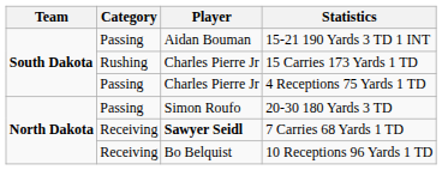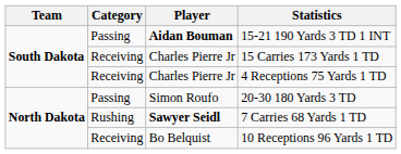 <table class="wikitable" style="float: right;">
 <tr>
 <th>Team</th>
 <th>Category</th>
 <th>Player</th>
 <th>Statistics</th>
 </tr>
 <tr>
 <td rowspan=3><strong>South Dakota</strong></td>
 <td>Passing</td>
-<td>Aidan Bouman</td>
+<td><strong>Aidan Bouman</strong></td>
 <td>15-21 190 Yards 3 TD 1 INT</td>
 </tr>
 <tr>
-<td>Rushing</td>
+<td>Receiving</td>
 <td>Charles Pierre Jr</td>
 <td>15  Carries 173 Yards 1 TD</td>
 </tr>
 <tr>
-<td>Passing</td>
+<td>Receiving</td>
 <td>Charles Pierre Jr</td>
 <td>4 Receptions 75 Yards 1 TD</td>
 </tr>
 <tr>
 <td rowspan=3><strong>North Dakota</strong></td>
 <td>Passing</td>
 <td>Simon Roufo</td>
 <td>20-30 180 Yards 3 TD</td>
 </tr>
 <tr>
-<td>Receiving</td>
+<td>Rushing</td>
 <td><strong>Sawyer Seidl</strong></td>
 <td>7 Carries 68 Yards 1 TD</td>
 </tr>
 <tr>
 <td>Receiving</td>
 <td>Bo Belquist</td>
 <td>10 Receptions 96 Yards 1 TD</td>
 </tr>
 </table>
